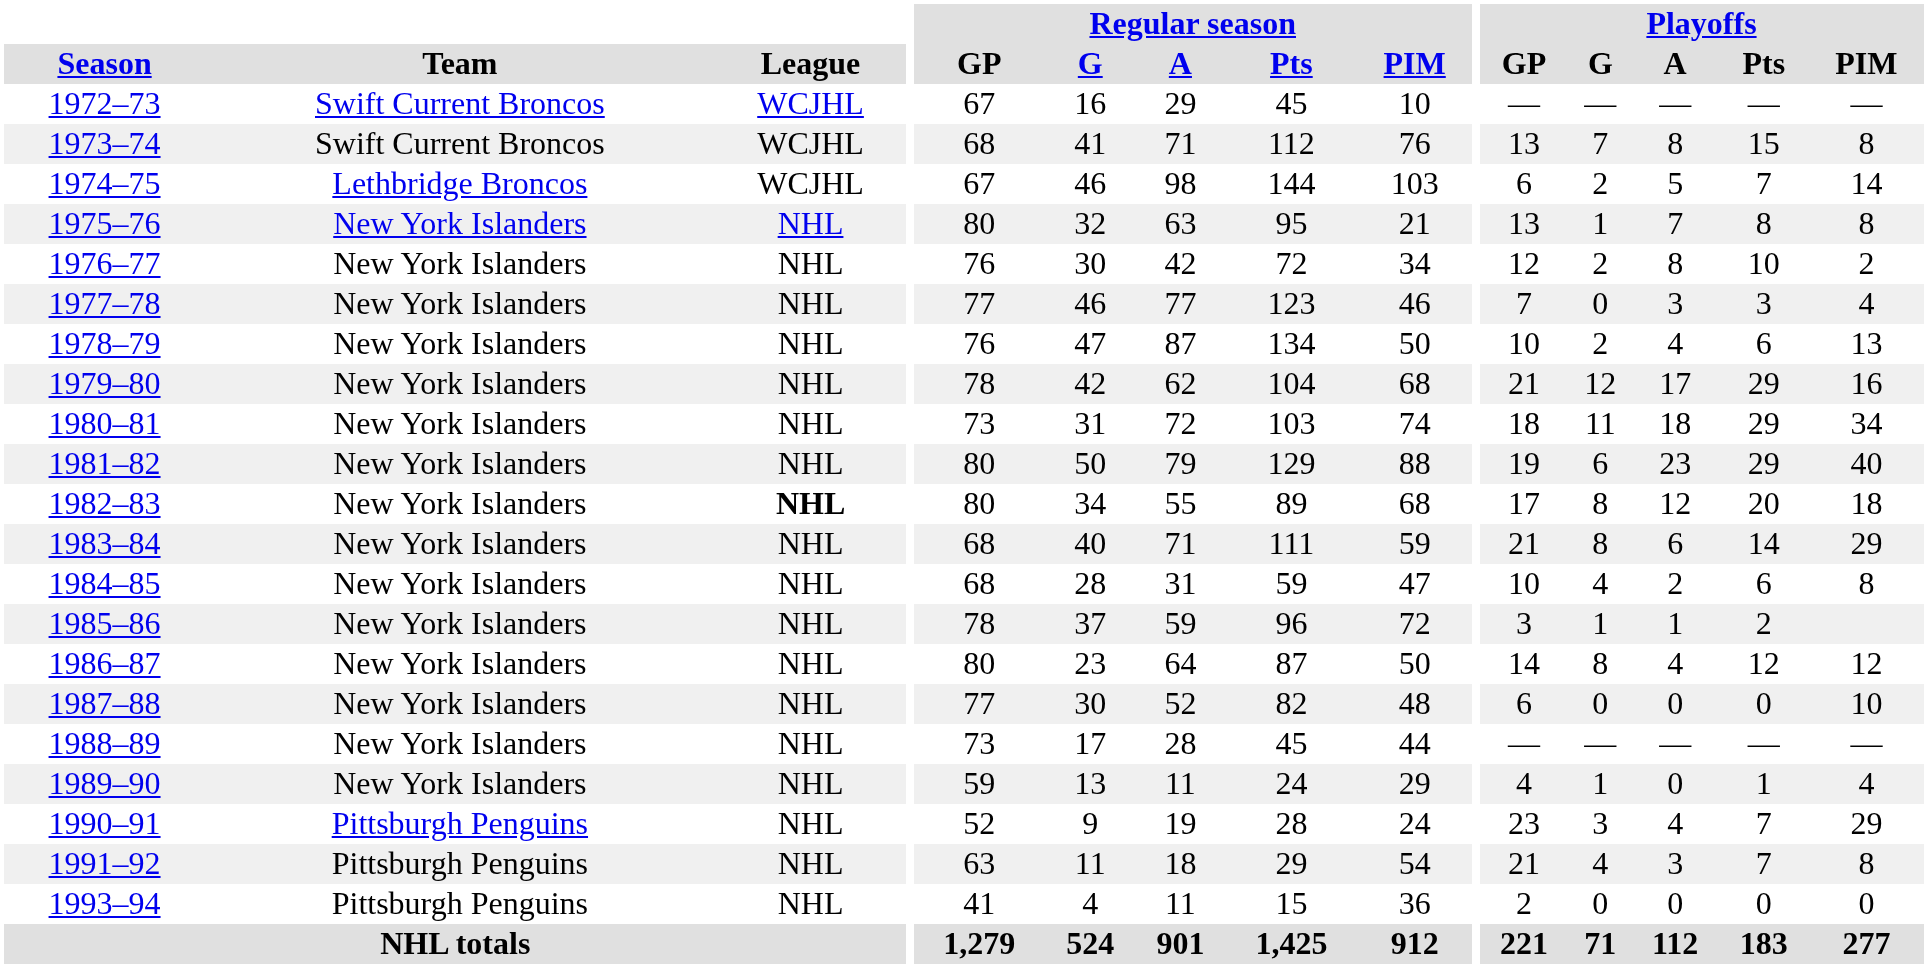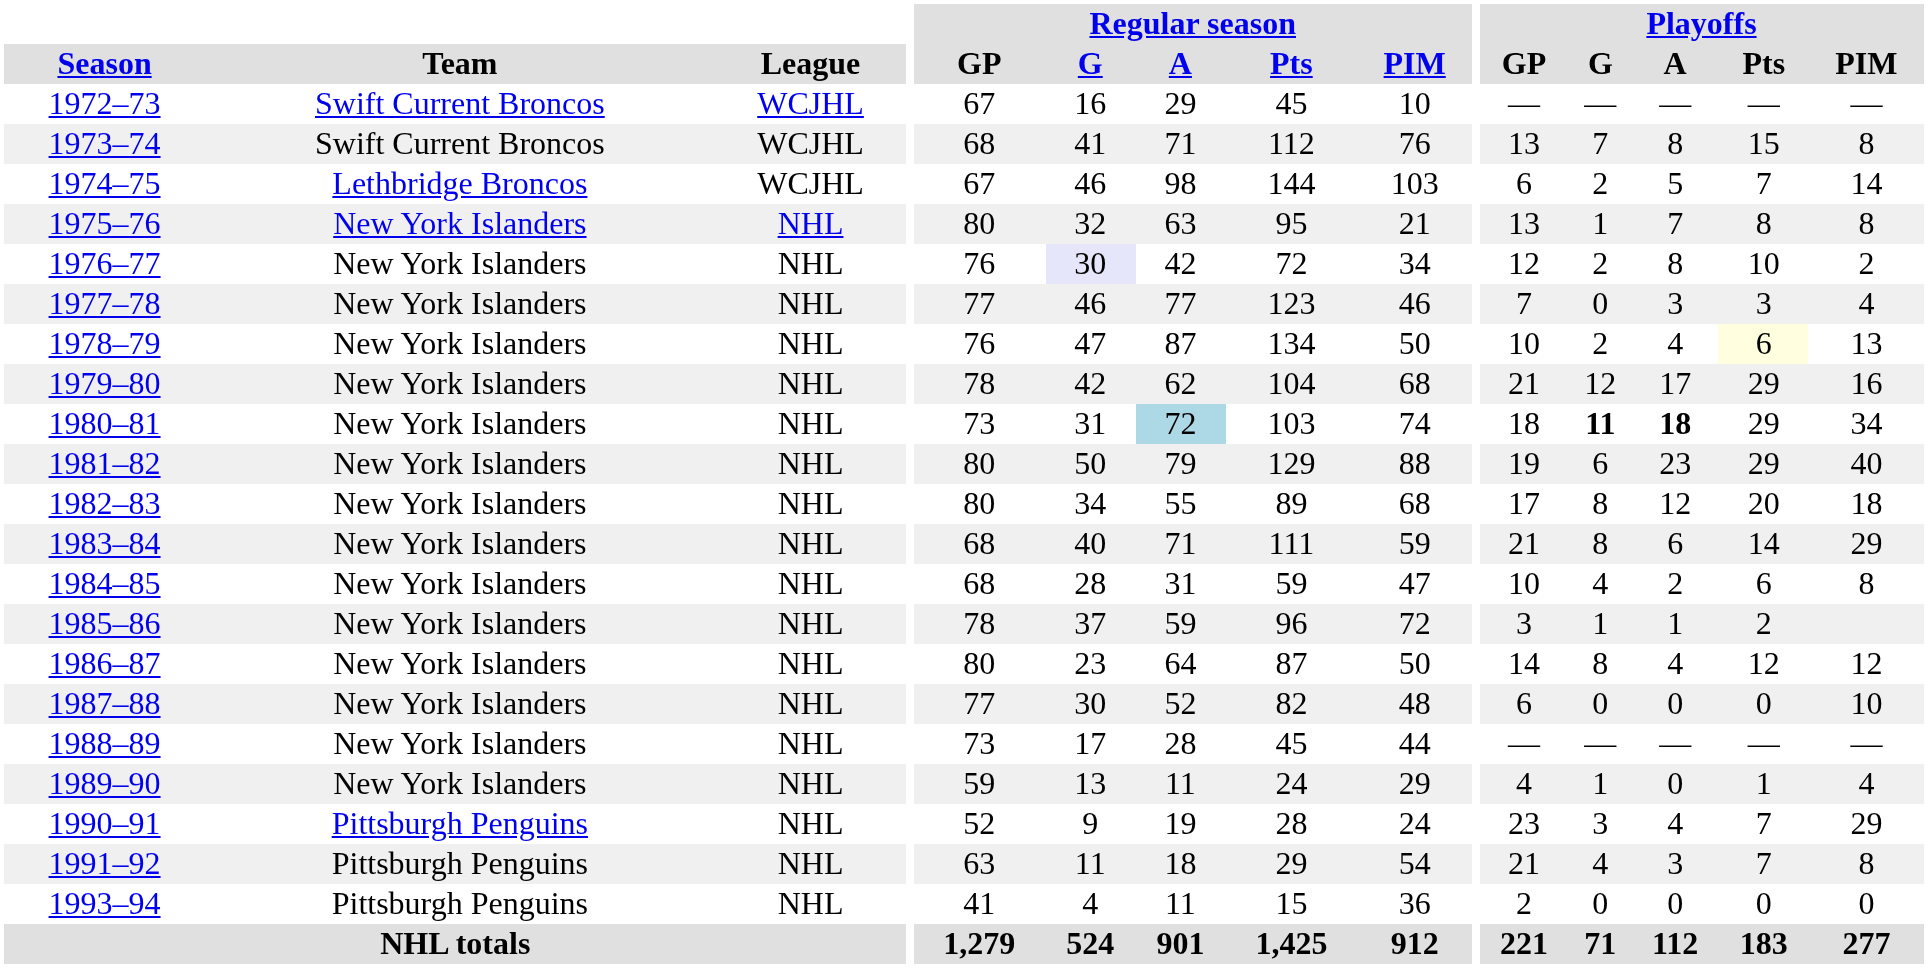 <table border="0" cellpadding="1" cellspacing="0" style="text-align:center; width:60em">
 <tr bgcolor="#e0e0e0">
 <th colspan="3" bgcolor="#ffffff"></th>
 <th rowspan="100" bgcolor="#ffffff"></th>
 <th colspan="5"><a href='#'>Regular season</a></th>
 <th rowspan="100" bgcolor="#ffffff"></th>
 <th colspan="5"><a href='#'>Playoffs</a></th>
 </tr>
 <tr bgcolor="#e0e0e0">
 <th><a href='#'>Season</a></th>
 <th>Team</th>
 <th>League</th>
 <th>GP</th>
 <th><a href='#'>G</a></th>
 <th><a href='#'>A</a></th>
 <th><a href='#'>Pts</a></th>
 <th><a href='#'>PIM</a></th>
 <th>GP</th>
 <th>G</th>
 <th>A</th>
 <th>Pts</th>
 <th>PIM</th>
 </tr>
 <tr>
 <td><a href='#'>1972–73</a></td>
 <td><a href='#'>Swift Current Broncos</a></td>
 <td><a href='#'>WCJHL</a></td>
 <td>67</td>
 <td>16</td>
 <td>29</td>
 <td>45</td>
 <td>10</td>
 <td>—</td>
 <td>—</td>
 <td>—</td>
 <td>—</td>
 <td>—</td>
 </tr>
 <tr bgcolor="#f0f0f0">
 <td><a href='#'>1973–74</a></td>
 <td>Swift Current Broncos</td>
 <td>WCJHL</td>
 <td>68</td>
 <td>41</td>
 <td>71</td>
 <td>112</td>
 <td>76</td>
 <td>13</td>
 <td>7</td>
 <td>8</td>
 <td>15</td>
 <td>8</td>
 </tr>
 <tr>
 <td><a href='#'>1974–75</a></td>
 <td><a href='#'>Lethbridge Broncos</a></td>
 <td>WCJHL</td>
 <td>67</td>
 <td>46</td>
 <td>98</td>
 <td>144</td>
 <td>103</td>
 <td>6</td>
 <td>2</td>
 <td>5</td>
 <td>7</td>
 <td>14</td>
 </tr>
 <tr bgcolor="#f0f0f0">
 <td><a href='#'>1975–76</a></td>
 <td><a href='#'>New York Islanders</a></td>
 <td><a href='#'>NHL</a></td>
 <td>80</td>
 <td>32</td>
 <td>63</td>
 <td>95</td>
 <td>21</td>
 <td>13</td>
 <td>1</td>
 <td>7</td>
 <td>8</td>
 <td>8</td>
 </tr>
 <tr>
 <td><a href='#'>1976–77</a></td>
 <td>New York Islanders</td>
 <td>NHL</td>
 <td>76</td>
-<td>30</td>
+<td style="background: lavender;">30</td>
 <td>42</td>
 <td>72</td>
 <td>34</td>
 <td>12</td>
 <td>2</td>
 <td>8</td>
 <td>10</td>
 <td>2</td>
 </tr>
 <tr bgcolor="#f0f0f0">
 <td><a href='#'>1977–78</a></td>
 <td>New York Islanders</td>
 <td>NHL</td>
 <td>77</td>
 <td>46</td>
 <td>77</td>
 <td>123</td>
 <td>46</td>
 <td>7</td>
 <td>0</td>
 <td>3</td>
 <td>3</td>
 <td>4</td>
 </tr>
 <tr>
 <td><a href='#'>1978–79</a></td>
 <td>New York Islanders</td>
 <td>NHL</td>
 <td>76</td>
 <td>47</td>
 <td>87</td>
 <td>134</td>
 <td>50</td>
 <td>10</td>
 <td>2</td>
 <td>4</td>
-<td>6</td>
+<td style="background: lightyellow;">6</td>
 <td>13</td>
 </tr>
 <tr bgcolor="#f0f0f0">
 <td><a href='#'>1979–80</a></td>
 <td>New York Islanders</td>
 <td>NHL</td>
 <td>78</td>
 <td>42</td>
 <td>62</td>
 <td>104</td>
 <td>68</td>
 <td>21</td>
 <td>12</td>
 <td>17</td>
 <td>29</td>
 <td>16</td>
 </tr>
 <tr>
 <td><a href='#'>1980–81</a></td>
 <td>New York Islanders</td>
 <td>NHL</td>
 <td>73</td>
 <td>31</td>
-<td>72</td>
+<td style="background: lightblue;">72</td>
 <td>103</td>
 <td>74</td>
 <td>18</td>
-<td>11</td>
-<td>18</td>
+<td><strong>11</strong></td>
+<td><strong>18</strong></td>
 <td>29</td>
 <td>34</td>
 </tr>
 <tr bgcolor="#f0f0f0">
 <td><a href='#'>1981–82</a></td>
 <td>New York Islanders</td>
 <td>NHL</td>
 <td>80</td>
 <td>50</td>
 <td>79</td>
 <td>129</td>
 <td>88</td>
 <td>19</td>
 <td>6</td>
 <td>23</td>
 <td>29</td>
 <td>40</td>
 </tr>
 <tr>
 <td><a href='#'>1982–83</a></td>
 <td>New York Islanders</td>
-<td><strong>NHL</strong></td>
+<td>NHL</td>
 <td>80</td>
 <td>34</td>
 <td>55</td>
 <td>89</td>
 <td>68</td>
 <td>17</td>
 <td>8</td>
 <td>12</td>
 <td>20</td>
 <td>18</td>
 </tr>
 <tr bgcolor="#f0f0f0">
 <td><a href='#'>1983–84</a></td>
 <td>New York Islanders</td>
 <td>NHL</td>
 <td>68</td>
 <td>40</td>
 <td>71</td>
 <td>111</td>
 <td>59</td>
 <td>21</td>
 <td>8</td>
 <td>6</td>
 <td>14</td>
 <td>29</td>
 </tr>
 <tr>
 <td><a href='#'>1984–85</a></td>
 <td>New York Islanders</td>
 <td>NHL</td>
 <td>68</td>
 <td>28</td>
 <td>31</td>
 <td>59</td>
 <td>47</td>
 <td>10</td>
 <td>4</td>
 <td>2</td>
 <td>6</td>
 <td>8</td>
 </tr>
 <tr bgcolor="#f0f0f0">
 <td><a href='#'>1985–86</a></td>
 <td>New York Islanders</td>
 <td>NHL</td>
 <td>78</td>
 <td>37</td>
 <td>59</td>
 <td>96</td>
 <td>72</td>
 <td>3</td>
 <td>1</td>
 <td>1</td>
 <td>2</td>
 <td 2></td>
 </tr>
 <tr>
 <td><a href='#'>1986–87</a></td>
 <td>New York Islanders</td>
 <td>NHL</td>
 <td>80</td>
 <td>23</td>
 <td>64</td>
 <td>87</td>
 <td>50</td>
 <td>14</td>
 <td>8</td>
 <td>4</td>
 <td>12</td>
 <td>12</td>
 </tr>
 <tr bgcolor="#f0f0f0">
 <td><a href='#'>1987–88</a></td>
 <td>New York Islanders</td>
 <td>NHL</td>
 <td>77</td>
 <td>30</td>
 <td>52</td>
 <td>82</td>
 <td>48</td>
 <td>6</td>
 <td>0</td>
 <td>0</td>
 <td>0</td>
 <td>10</td>
 </tr>
 <tr>
 <td><a href='#'>1988–89</a></td>
 <td>New York Islanders</td>
 <td>NHL</td>
 <td>73</td>
 <td>17</td>
 <td>28</td>
 <td>45</td>
 <td>44</td>
 <td>—</td>
 <td>—</td>
 <td>—</td>
 <td>—</td>
 <td>—</td>
 </tr>
 <tr bgcolor="#f0f0f0">
 <td><a href='#'>1989–90</a></td>
 <td>New York Islanders</td>
 <td>NHL</td>
 <td>59</td>
 <td>13</td>
 <td>11</td>
 <td>24</td>
 <td>29</td>
 <td>4</td>
 <td>1</td>
 <td>0</td>
 <td>1</td>
 <td>4</td>
 </tr>
 <tr>
 <td><a href='#'>1990–91</a></td>
 <td><a href='#'>Pittsburgh Penguins</a></td>
 <td>NHL</td>
 <td>52</td>
 <td>9</td>
 <td>19</td>
 <td>28</td>
 <td>24</td>
 <td>23</td>
 <td>3</td>
 <td>4</td>
 <td>7</td>
 <td>29</td>
 </tr>
 <tr bgcolor="#f0f0f0">
 <td><a href='#'>1991–92</a></td>
 <td>Pittsburgh Penguins</td>
 <td>NHL</td>
 <td>63</td>
 <td>11</td>
 <td>18</td>
 <td>29</td>
 <td>54</td>
 <td>21</td>
 <td>4</td>
 <td>3</td>
 <td>7</td>
 <td>8</td>
 </tr>
 <tr>
 <td><a href='#'>1993–94</a></td>
 <td>Pittsburgh Penguins</td>
 <td>NHL</td>
 <td>41</td>
 <td>4</td>
 <td>11</td>
 <td>15</td>
 <td>36</td>
 <td>2</td>
 <td>0</td>
 <td>0</td>
 <td>0</td>
 <td>0</td>
 </tr>
 <tr bgcolor="#e0e0e0">
 <th colspan="3">NHL totals</th>
 <th>1,279</th>
 <th>524</th>
 <th>901</th>
 <th>1,425</th>
 <th>912</th>
 <th>221</th>
 <th>71</th>
 <th>112</th>
 <th>183</th>
 <th>277</th>
 </tr>
 </table>
